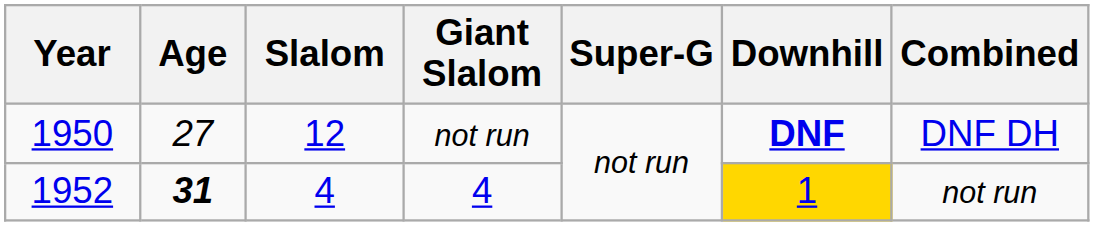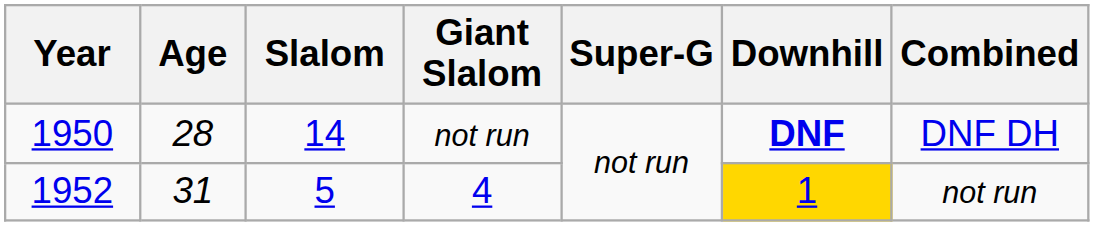 <table class=wikitable style="text-align:center">
 <tr>
 <th>  Year  </th>
 <th> Age </th>
 <th> Slalom </th>
 <th>Giant<br> Slalom </th>
 <th>Super-G</th>
 <th>Downhill</th>
 <th>Combined</th>
 </tr>
 <tr>
 <td><a href='#'>1950</a></td>
-<td><em>27</em></td>
-<td><a href='#'>12</a></td>
+<td><em>28</em></td>
+<td><a href='#'>14</a></td>
 <td><small><em>not run</em></small></td>
 <td rowspan=2><small><em>not run</em></small></td>
 <td><strong><a href='#'>DNF</a></strong></td>
 <td><a href='#'>DNF DH</a></td>
 </tr>
 <tr>
 <td><a href='#'>1952</a></td>
-<td><strong><em>31</em></strong></td>
-<td><a href='#'>4</a></td>
+<td><em>31</em></td>
+<td><a href='#'>5</a></td>
 <td><a href='#'>4</a></td>
 <td style="background:gold;"><a href='#'>1</a></td>
 <td rowspan=2><small><em>not run</em></small></td>
 </tr>
 </table>
